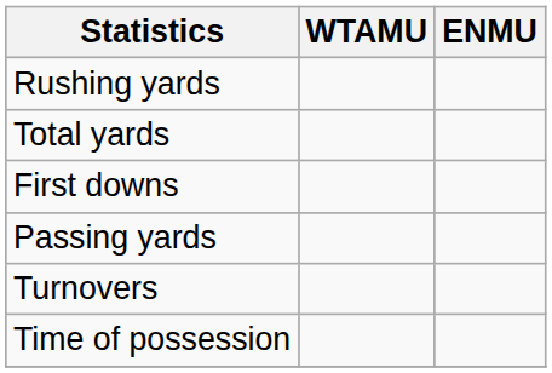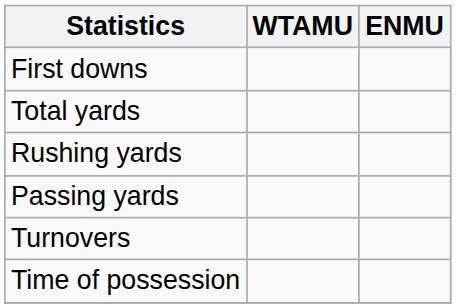 <table class="wikitable" style="float: left;">
 <tr>
 <th>Statistics</th>
 <th>WTAMU</th>
 <th>ENMU</th>
 </tr>
 <tr>
-<td>Rushing yards</td>
+<td>First downs</td>
 <td></td>
 <td></td>
 </tr>
 <tr>
 <td>Total yards</td>
 <td></td>
 <td></td>
 </tr>
 <tr>
-<td>First downs</td>
+<td>Rushing yards</td>
 <td></td>
 <td></td>
 </tr>
 <tr>
 <td>Passing yards</td>
 <td></td>
 <td></td>
 </tr>
 <tr>
 <td>Turnovers</td>
 <td></td>
 <td></td>
 </tr>
 <tr>
 <td>Time of possession</td>
 <td></td>
 <td></td>
 </tr>
 <tr>
 </tr>
 </table>
